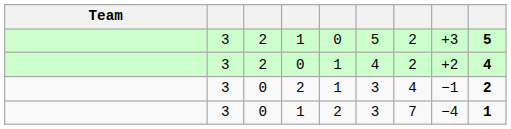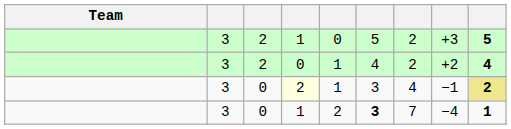 <table class="wikitable" style="text-align: center; font-size:90% ">
 <tr>
 <th width=160>Team</th>
 <th width=25></th>
 <th width=25></th>
 <th width=25></th>
 <th width=25></th>
 <th width=25></th>
 <th width=25></th>
 <th width=25></th>
 <th width=25></th>
 </tr>
 <tr bgcolor=ccffcc>
 <td align=left></td>
 <td>3</td>
 <td>2</td>
 <td>1</td>
 <td>0</td>
 <td>5</td>
 <td>2</td>
 <td>+3</td>
 <td><strong>5</strong></td>
 </tr>
 <tr bgcolor=ccffcc>
 <td align=left></td>
 <td>3</td>
 <td>2</td>
 <td>0</td>
 <td>1</td>
 <td>4</td>
 <td>2</td>
 <td>+2</td>
 <td><strong>4</strong></td>
 </tr>
 <tr>
 <td align=left></td>
 <td>3</td>
 <td>0</td>
-<td>2</td>
+<td style="background: lightyellow;">2</td>
 <td>1</td>
 <td>3</td>
 <td>4</td>
 <td>−1</td>
-<td><strong>2</strong></td>
+<td style="background: khaki;"><strong>2</strong></td>
 </tr>
 <tr>
 <td align=left></td>
 <td>3</td>
 <td>0</td>
 <td>1</td>
 <td>2</td>
-<td>3</td>
+<td><strong>3</strong></td>
 <td>7</td>
 <td>−4</td>
 <td><strong>1</strong></td>
 </tr>
 </table>
